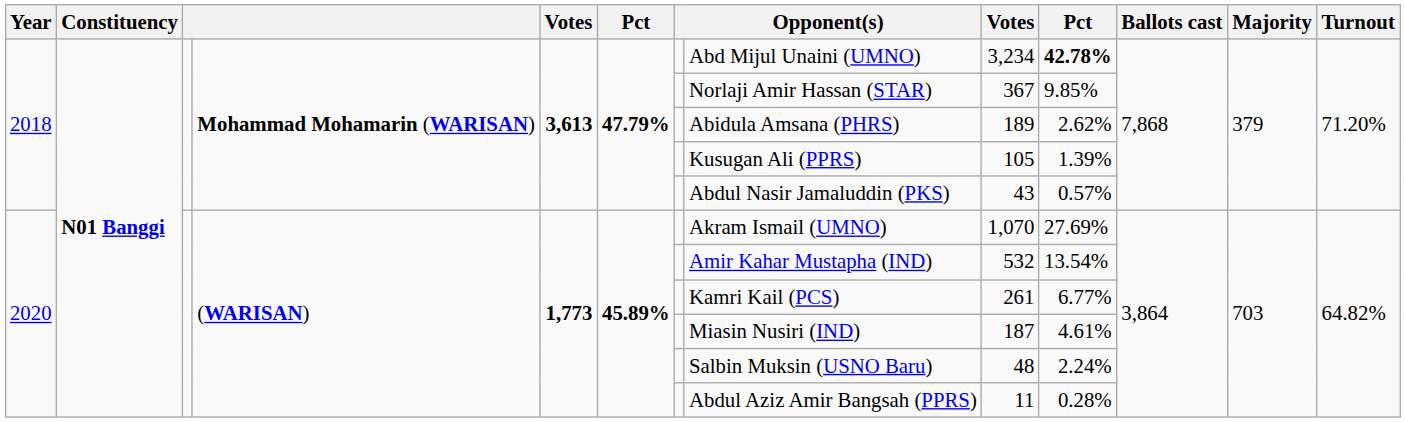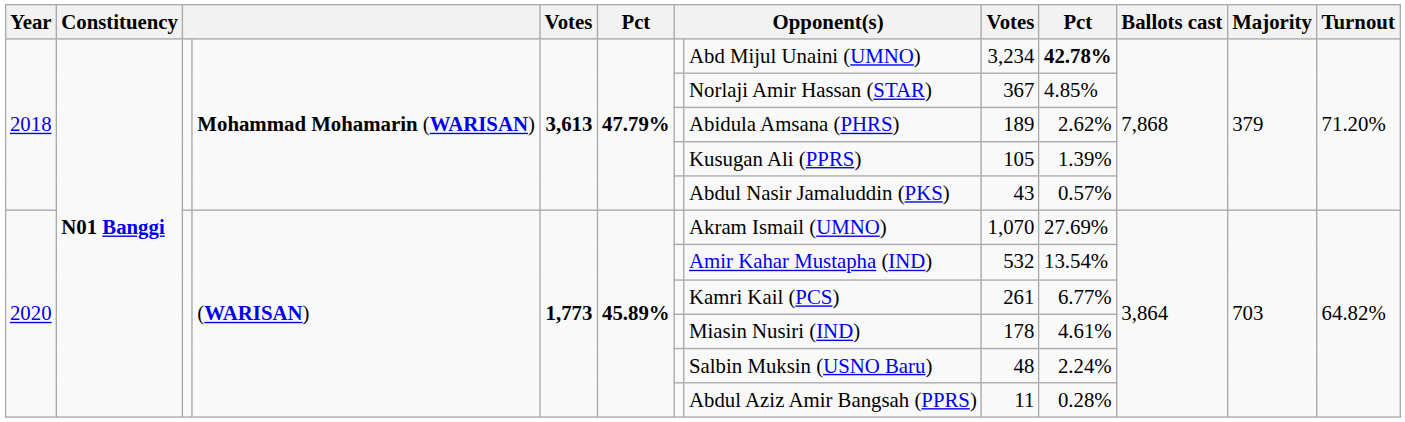 <table class="wikitable" style="margin:0.5em ; font-size:95%">
 <tr>
 <th>Year</th>
 <th>Constituency</th>
 <th colspan=2></th>
 <th>Votes</th>
 <th>Pct</th>
 <th colspan=2>Opponent(s)</th>
 <th>Votes</th>
 <th>Pct</th>
 <th>Ballots cast</th>
 <th>Majority</th>
 <th>Turnout</th>
 </tr>
 <tr>
 <td rowspan=5><a href='#'>2018</a></td>
 <td rowspan=11><strong>N01 <a href='#'>Banggi</a></strong></td>
 <td rowspan=5 ></td>
 <td rowspan=5><strong>Mohammad Mohamarin</strong> (<a href='#'><strong>WARISAN</strong></a>)</td>
 <td rowspan=5 align="right"><strong>3,613</strong></td>
 <td rowspan=5><strong>47.79%</strong></td>
 <td></td>
 <td>Abd Mijul Unaini (<a href='#'>UMNO</a>)</td>
 <td align="right">3,234</td>
 <td><strong>42.78%</strong></td>
 <td rowspan=5>7,868</td>
 <td rowspan=5>379</td>
 <td rowspan=5>71.20%</td>
 </tr>
 <tr>
 <td></td>
 <td>Norlaji Amir Hassan (<a href='#'>STAR</a>)</td>
 <td align="right">367</td>
-<td>9.85%</td>
+<td>4.85%</td>
 </tr>
 <tr>
 <td></td>
 <td>Abidula Amsana (<a href='#'>PHRS</a>)</td>
 <td align="right">189</td>
 <td align="right">2.62%</td>
 </tr>
 <tr>
 <td></td>
 <td>Kusugan Ali (<a href='#'>PPRS</a>)</td>
 <td align="right">105</td>
 <td align="right">1.39%</td>
 </tr>
 <tr>
 <td></td>
 <td>Abdul Nasir Jamaluddin (<a href='#'>PKS</a>)</td>
 <td align="right">43</td>
 <td align="right">0.57%</td>
 </tr>
 <tr>
 <td rowspan=6><a href='#'>2020</a></td>
 <td rowspan=6 ></td>
 <td rowspan=6> (<a href='#'><strong>WARISAN</strong></a>)</td>
 <td rowspan=6 align="right"><strong>1,773</strong></td>
 <td rowspan=6><strong>45.89%</strong></td>
 <td></td>
 <td>Akram Ismail (<a href='#'>UMNO</a>)</td>
 <td align="right">1,070</td>
 <td>27.69%</td>
 <td rowspan=6>3,864</td>
 <td rowspan=6>703</td>
 <td rowspan=6>64.82%</td>
 </tr>
 <tr>
 <td></td>
 <td><a href='#'>Amir Kahar Mustapha</a> (<a href='#'>IND</a>)</td>
 <td align="right">532</td>
 <td>13.54%</td>
 </tr>
 <tr>
 <td></td>
 <td>Kamri Kail (<a href='#'>PCS</a>)</td>
 <td align="right">261</td>
 <td align="right">6.77%</td>
 </tr>
 <tr>
 <td></td>
 <td>Miasin Nusiri (<a href='#'>IND</a>)</td>
-<td align="right">187</td>
+<td align="right">178</td>
 <td align="right">4.61%</td>
 </tr>
 <tr>
 <td bgcolor=></td>
 <td>Salbin Muksin (<a href='#'>USNO Baru</a>)</td>
 <td align="right">48</td>
 <td align="right">2.24%</td>
 </tr>
 <tr>
 <td></td>
 <td>Abdul Aziz Amir Bangsah (<a href='#'>PPRS</a>)</td>
 <td align="right">11</td>
 <td align="right">0.28%</td>
 </tr>
 </table>
